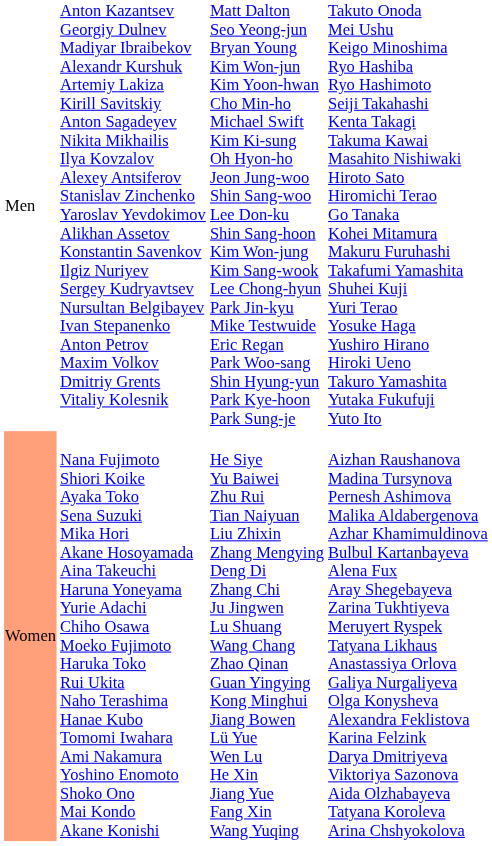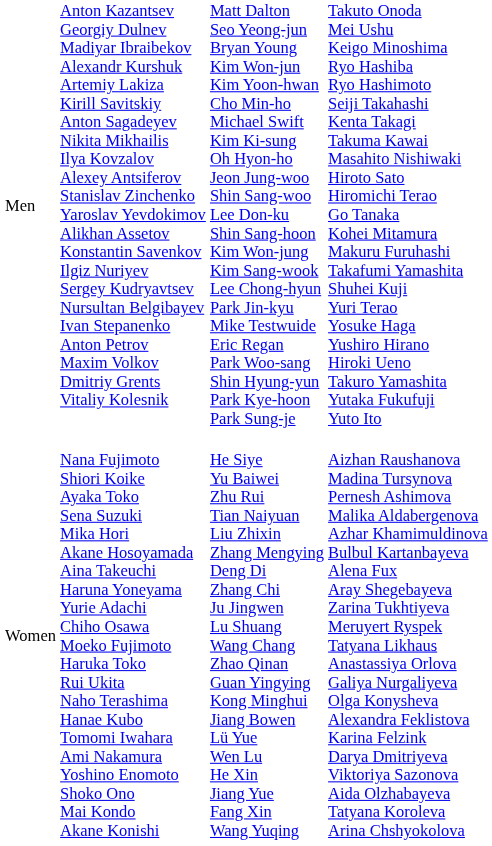 <table>
 <tr>
 <td>Men<br></td>
 <td valign=top><br><a href='#'>Anton Kazantsev</a><br><a href='#'>Georgiy Dulnev</a><br><a href='#'>Madiyar Ibraibekov</a><br><a href='#'>Alexandr Kurshuk</a><br><a href='#'>Artemiy Lakiza</a><br><a href='#'>Kirill Savitskiy</a><br><a href='#'>Anton Sagadeyev</a><br><a href='#'>Nikita Mikhailis</a><br><a href='#'>Ilya Kovzalov</a><br><a href='#'>Alexey Antsiferov</a><br><a href='#'>Stanislav Zinchenko</a><br><a href='#'>Yaroslav Yevdokimov</a><br><a href='#'>Alikhan Assetov</a><br><a href='#'>Konstantin Savenkov</a><br><a href='#'>Ilgiz Nuriyev</a><br><a href='#'>Sergey Kudryavtsev</a><br><a href='#'>Nursultan Belgibayev</a><br><a href='#'>Ivan Stepanenko</a><br><a href='#'>Anton Petrov</a><br><a href='#'>Maxim Volkov</a><br><a href='#'>Dmitriy Grents</a><br><a href='#'>Vitaliy Kolesnik</a></td>
 <td><br><a href='#'>Matt Dalton</a><br><a href='#'>Seo Yeong-jun</a><br><a href='#'>Bryan Young</a><br><a href='#'>Kim Won-jun</a><br><a href='#'>Kim Yoon-hwan</a><br><a href='#'>Cho Min-ho</a><br><a href='#'>Michael Swift</a><br><a href='#'>Kim Ki-sung</a><br><a href='#'>Oh Hyon-ho</a><br><a href='#'>Jeon Jung-woo</a><br><a href='#'>Shin Sang-woo</a><br><a href='#'>Lee Don-ku</a><br><a href='#'>Shin Sang-hoon</a><br><a href='#'>Kim Won-jung</a><br><a href='#'>Kim Sang-wook</a><br><a href='#'>Lee Chong-hyun</a><br><a href='#'>Park Jin-kyu</a><br><a href='#'>Mike Testwuide</a><br><a href='#'>Eric Regan</a><br><a href='#'>Park Woo-sang</a><br><a href='#'>Shin Hyung-yun</a><br><a href='#'>Park Kye-hoon</a><br><a href='#'>Park Sung-je</a></td>
 <td><br><a href='#'>Takuto Onoda</a><br><a href='#'>Mei Ushu</a><br><a href='#'>Keigo Minoshima</a><br><a href='#'>Ryo Hashiba</a><br><a href='#'>Ryo Hashimoto</a><br><a href='#'>Seiji Takahashi</a><br><a href='#'>Kenta Takagi</a><br><a href='#'>Takuma Kawai</a><br><a href='#'>Masahito Nishiwaki</a><br><a href='#'>Hiroto Sato</a><br><a href='#'>Hiromichi Terao</a><br><a href='#'>Go Tanaka</a><br><a href='#'>Kohei Mitamura</a><br><a href='#'>Makuru Furuhashi</a><br><a href='#'>Takafumi Yamashita</a><br><a href='#'>Shuhei Kuji</a><br><a href='#'>Yuri Terao</a><br><a href='#'>Yosuke Haga</a><br><a href='#'>Yushiro Hirano</a><br><a href='#'>Hiroki Ueno</a><br><a href='#'>Takuro Yamashita</a><br><a href='#'>Yutaka Fukufuji</a><br><a href='#'>Yuto Ito</a></td>
 </tr>
 <tr>
-<td style="background: lightsalmon;">Women<br></td>
+<td>Women<br></td>
 <td><br><a href='#'>Nana Fujimoto</a><br><a href='#'>Shiori Koike</a><br><a href='#'>Ayaka Toko</a><br><a href='#'>Sena Suzuki</a><br><a href='#'>Mika Hori</a><br><a href='#'>Akane Hosoyamada</a><br><a href='#'>Aina Takeuchi</a><br><a href='#'>Haruna Yoneyama</a><br><a href='#'>Yurie Adachi</a><br><a href='#'>Chiho Osawa</a><br><a href='#'>Moeko Fujimoto</a><br><a href='#'>Haruka Toko</a><br><a href='#'>Rui Ukita</a><br><a href='#'>Naho Terashima</a><br><a href='#'>Hanae Kubo</a><br><a href='#'>Tomomi Iwahara</a><br><a href='#'>Ami Nakamura</a><br><a href='#'>Yoshino Enomoto</a><br><a href='#'>Shoko Ono</a><br><a href='#'>Mai Kondo</a><br><a href='#'>Akane Konishi</a></td>
 <td><br><a href='#'>He Siye</a><br><a href='#'>Yu Baiwei</a><br><a href='#'>Zhu Rui</a><br><a href='#'>Tian Naiyuan</a><br><a href='#'>Liu Zhixin</a><br><a href='#'>Zhang Mengying</a><br><a href='#'>Deng Di</a><br><a href='#'>Zhang Chi</a><br><a href='#'>Ju Jingwen</a><br><a href='#'>Lu Shuang</a><br><a href='#'>Wang Chang</a><br><a href='#'>Zhao Qinan</a><br><a href='#'>Guan Yingying</a><br><a href='#'>Kong Minghui</a><br><a href='#'>Jiang Bowen</a><br><a href='#'>Lü Yue</a><br><a href='#'>Wen Lu</a><br><a href='#'>He Xin</a><br><a href='#'>Jiang Yue</a><br><a href='#'>Fang Xin</a><br><a href='#'>Wang Yuqing</a></td>
 <td><br><a href='#'>Aizhan Raushanova</a><br><a href='#'>Madina Tursynova</a><br><a href='#'>Pernesh Ashimova</a><br><a href='#'>Malika Aldabergenova</a><br><a href='#'>Azhar Khamimuldinova</a><br><a href='#'>Bulbul Kartanbayeva</a><br><a href='#'>Alena Fux</a><br><a href='#'>Aray Shegebayeva</a><br><a href='#'>Zarina Tukhtiyeva</a><br><a href='#'>Meruyert Ryspek</a><br><a href='#'>Tatyana Likhaus</a><br><a href='#'>Anastassiya Orlova</a><br><a href='#'>Galiya Nurgaliyeva</a><br><a href='#'>Olga Konysheva</a><br><a href='#'>Alexandra Feklistova</a><br><a href='#'>Karina Felzink</a><br><a href='#'>Darya Dmitriyeva</a><br><a href='#'>Viktoriya Sazonova</a><br><a href='#'>Aida Olzhabayeva</a><br><a href='#'>Tatyana Koroleva</a><br><a href='#'>Arina Chshyokolova</a></td>
 </tr>
 </table>
